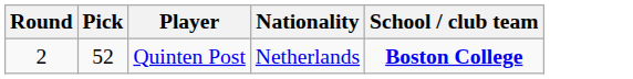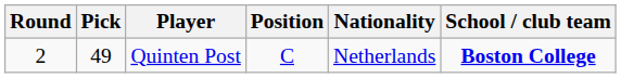 <table class="wikitable sortable sortable">
 <tr>
 <th>Round</th>
 <th>Pick</th>
 <th>Player</th>
+<th>Position</th>
 <th>Nationality</th>
 <th>School / club team</th>
 </tr>
 <tr style="text-align: center">
 <td>2</td>
-<td>52</td>
+<td>49</td>
 <td><a href='#'>Quinten Post</a></td>
+<td><a href='#'>C</a></td>
 <td> <a href='#'>Netherlands</a></td>
 <td><strong><a href='#'>Boston College</a></strong></td>
 </tr>
 </table>
